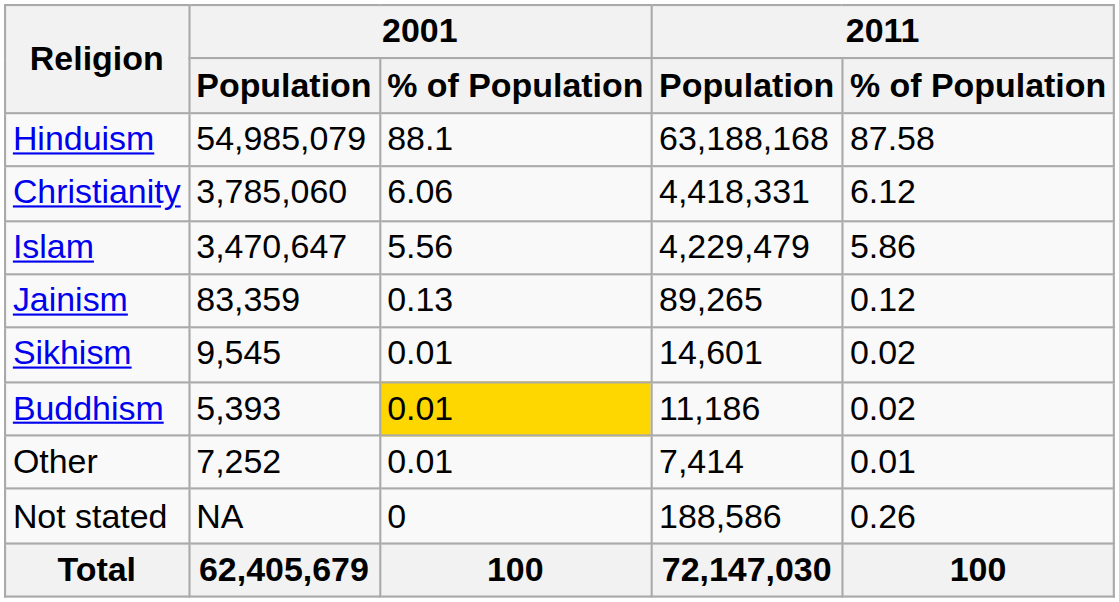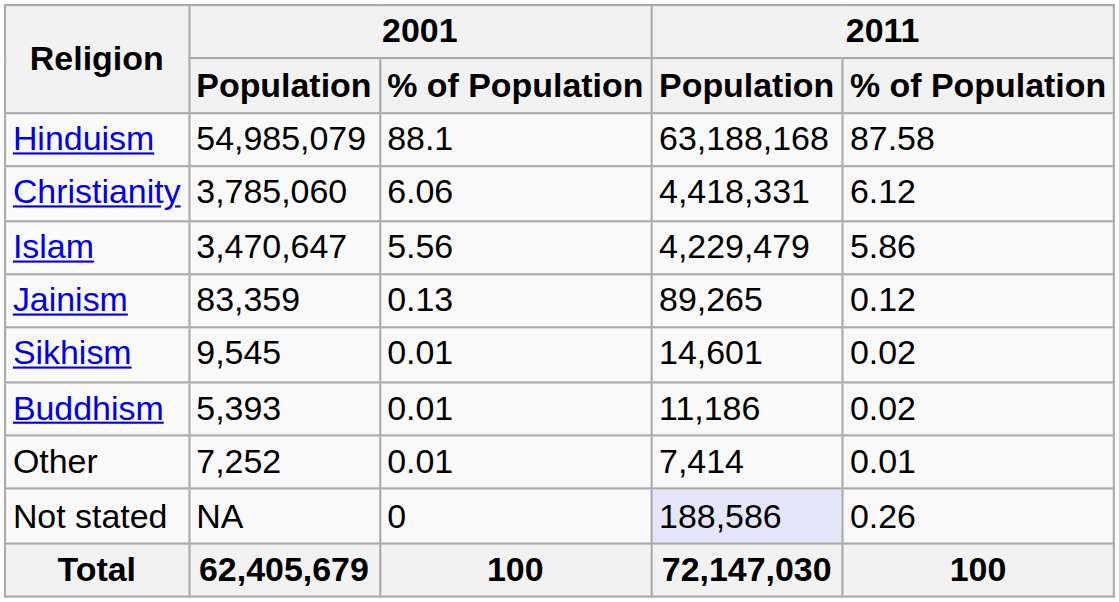 <table class="wikitable sortable defaultcenter col1left">
 <tr>
 <th rowspan="2">Religion</th>
 <th colspan="2">2001</th>
 <th colspan="2">2011</th>
 </tr>
 <tr>
 <th>Population</th>
 <th>% of Population</th>
 <th>Population</th>
 <th>% of Population</th>
 </tr>
 <tr>
 <td><a href='#'>Hinduism</a></td>
 <td>54,985,079</td>
 <td>88.1</td>
 <td>63,188,168</td>
 <td>87.58</td>
 </tr>
 <tr>
 <td><a href='#'>Christianity</a></td>
 <td>3,785,060</td>
 <td>6.06</td>
 <td>4,418,331</td>
 <td>6.12</td>
 </tr>
 <tr>
 <td><a href='#'>Islam</a></td>
 <td>3,470,647</td>
 <td>5.56</td>
 <td>4,229,479</td>
 <td>5.86</td>
 </tr>
 <tr>
 <td><a href='#'>Jainism</a></td>
 <td>83,359</td>
 <td>0.13</td>
 <td>89,265</td>
 <td>0.12</td>
 </tr>
 <tr>
 <td><a href='#'>Sikhism</a></td>
 <td>9,545</td>
 <td>0.01</td>
 <td>14,601</td>
 <td>0.02</td>
 </tr>
 <tr>
 <td><a href='#'>Buddhism</a></td>
 <td>5,393</td>
-<td style="background: gold;">0.01</td>
+<td>0.01</td>
 <td>11,186</td>
 <td>0.02</td>
 </tr>
 <tr>
 <td>Other</td>
 <td>7,252</td>
 <td>0.01</td>
 <td>7,414</td>
 <td>0.01</td>
 </tr>
 <tr>
 <td>Not stated</td>
 <td>NA</td>
 <td>0</td>
-<td>188,586</td>
+<td style="background: lavender;">188,586</td>
 <td>0.26</td>
 </tr>
 <tr>
 <th>Total</th>
 <th>62,405,679</th>
 <th>100</th>
 <th>72,147,030</th>
 <th>100</th>
 </tr>
 </table>
